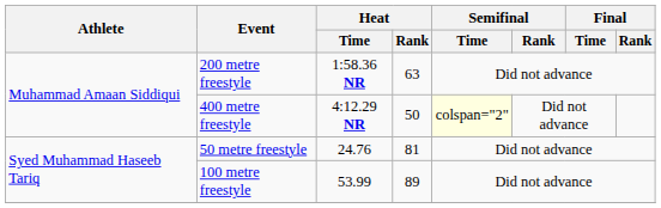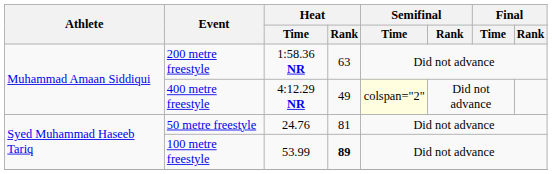 <table class="wikitable" style="text-align:center; font-size:90%; width:50%;">
 <tr>
 <th rowspan="2">Athlete</th>
 <th rowspan="2">Event</th>
 <th colspan="2">Heat</th>
 <th colspan="2">Semifinal</th>
 <th colspan="2">Final</th>
 </tr>
 <tr style="font-size:95%">
 <th>Time</th>
 <th>Rank</th>
 <th>Time</th>
 <th>Rank</th>
 <th>Time</th>
 <th>Rank</th>
 </tr>
 <tr>
 <td align=left rowspan=2><a href='#'>Muhammad Amaan Siddiqui</a></td>
 <td align=left><a href='#'>200 metre freestyle</a></td>
 <td>1:58.36 <strong><a href='#'>NR</a></strong></td>
 <td>63</td>
 <td colspan=4>Did not advance</td>
 </tr>
 <tr>
 <td align=left><a href='#'>400 metre freestyle</a></td>
 <td>4:12.29 <strong><a href='#'>NR</a></strong></td>
-<td>50</td>
+<td>49</td>
 <td style="background: lightyellow;">colspan="2" </td>
 <td colspan="2">Did not advance</td>
 </tr>
 <tr>
 <td align=left rowspan=2><a href='#'>Syed Muhammad Haseeb Tariq</a></td>
 <td align=left><a href='#'>50 metre freestyle</a></td>
 <td>24.76</td>
 <td>81</td>
 <td colspan=4>Did not advance</td>
 </tr>
 <tr>
 <td align=left><a href='#'>100 metre freestyle</a></td>
 <td>53.99</td>
-<td>89</td>
+<td><strong>89</strong></td>
 <td colspan=4>Did not advance</td>
 </tr>
 <tr>
 </tr>
 </table>
